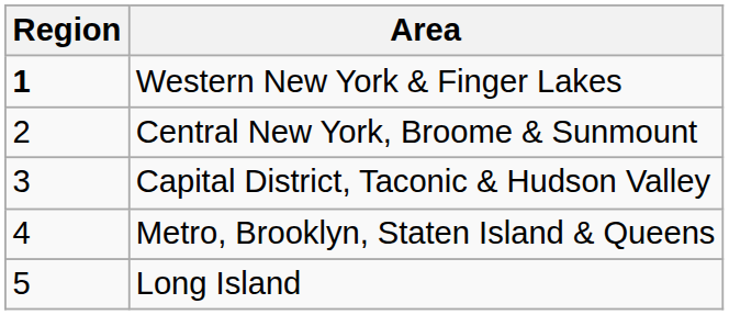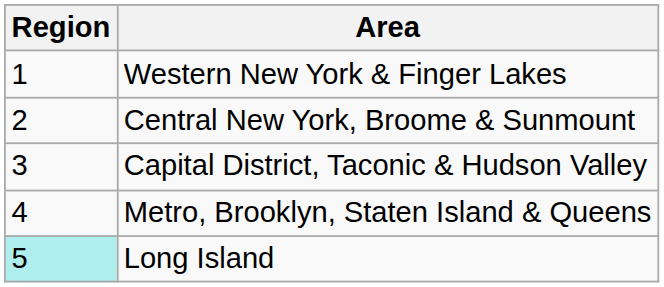 <table class="wikitable">
 <tr>
 <th>Region</th>
 <th>Area</th>
 </tr>
 <tr>
-<td><strong>1</strong></td>
+<td>1</td>
 <td>Western New York & Finger Lakes</td>
 </tr>
 <tr>
 <td>2</td>
 <td>Central New York, Broome & Sunmount</td>
 </tr>
 <tr>
 <td>3</td>
 <td>Capital District, Taconic & Hudson Valley</td>
 </tr>
 <tr>
 <td>4</td>
 <td>Metro, Brooklyn, Staten Island & Queens</td>
 </tr>
 <tr>
-<td>5</td>
+<td style="background: paleturquoise;">5</td>
 <td>Long Island</td>
 </tr>
 </table>
